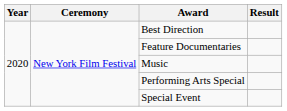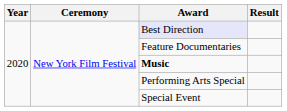 <table class="wikitable">
 <tr>
 <th>Year</th>
 <th>Ceremony</th>
 <th>Award</th>
 <th>Result</th>
 </tr>
 <tr>
 <td rowspan="5">2020</td>
 <td rowspan="5"><a href='#'>New York Film Festival</a></td>
-<td>Best Direction</td>
+<td style="background: lavender;">Best Direction</td>
 <td></td>
 </tr>
 <tr>
 <td>Feature Documentaries</td>
 <td></td>
 </tr>
 <tr>
-<td>Music</td>
+<td><strong>Music</strong></td>
 <td></td>
 </tr>
 <tr>
 <td>Performing Arts Special</td>
 <td></td>
 </tr>
 <tr>
 <td>Special Event</td>
 <td></td>
 </tr>
 </table>
